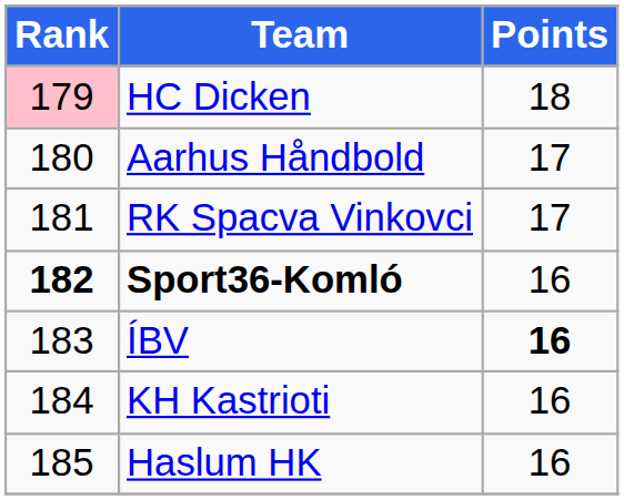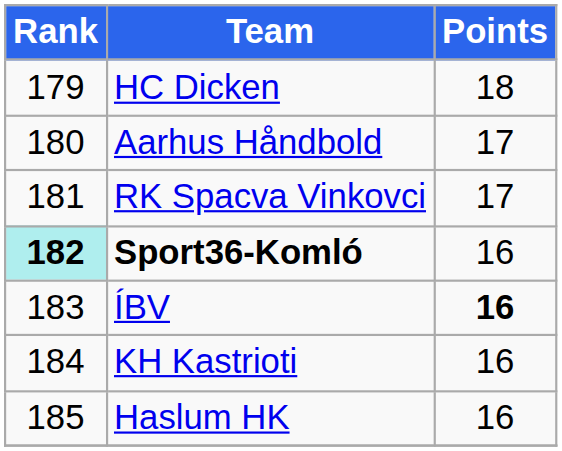 <table class="wikitable" style="text-align: center;">
 <tr>
 <th style="color:#FFFFFF; background:#2B65EC">Rank</th>
 <th style="color:#FFFFFF; background:#2B65EC">Team</th>
 <th style="color:#FFFFFF; background:#2B65EC">Points</th>
 </tr>
 <tr>
-<td style="background: pink;">179</td>
+<td>179</td>
 <td align=left> <a href='#'>HC Dicken</a></td>
 <td>18</td>
 </tr>
 <tr>
 <td>180</td>
 <td align=left> <a href='#'>Aarhus Håndbold</a></td>
 <td>17</td>
 </tr>
 <tr>
 <td>181</td>
 <td align=left> <a href='#'>RK Spacva Vinkovci</a></td>
 <td>17</td>
 </tr>
 <tr>
-<td><strong>182</strong></td>
+<td style="background: paleturquoise;"><strong>182</strong></td>
 <td align=left> <strong>Sport36-Komló</strong></td>
 <td>16</td>
 </tr>
 <tr>
 <td>183</td>
 <td align=left> <a href='#'>ÍBV</a></td>
 <td><strong>16</strong></td>
 </tr>
 <tr>
 <td>184</td>
 <td align=left> <a href='#'>KH Kastrioti</a></td>
 <td>16</td>
 </tr>
 <tr>
 <td>185</td>
 <td align=left> <a href='#'>Haslum HK</a></td>
 <td>16</td>
 </tr>
 <tr>
 </tr>
 </table>
